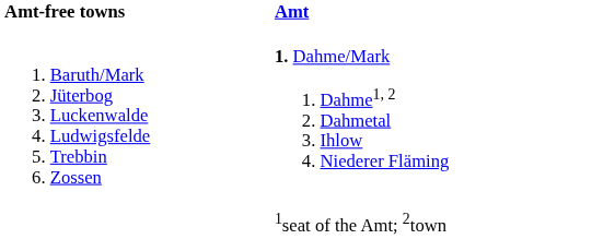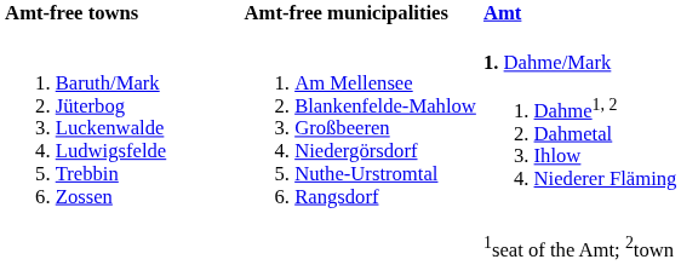 <table>
 <tr>
 <th width=33% align=left>Amt-free towns</th>
+<th width=33% align=left>Amt-free municipalities</th>
 <th width=33% align=left><a href='#'>Amt</a></th>
 </tr>
 <tr valign=top>
 <td><br><ol><li><a href='#'>Baruth/Mark</a></li><li><a href='#'>Jüterbog</a></li><li><a href='#'>Luckenwalde</a></li><li><a href='#'>Ludwigsfelde</a></li><li><a href='#'>Trebbin</a></li><li><a href='#'>Zossen</a></li></ol></td>
+<td><br><ol><li><a href='#'>Am Mellensee</a></li><li><a href='#'>Blankenfelde-Mahlow</a></li><li><a href='#'>Großbeeren</a></li><li><a href='#'>Niedergörsdorf</a></li><li><a href='#'>Nuthe-Urstromtal</a></li><li><a href='#'>Rangsdorf</a></li></ol></td>
 <td><br><strong>1.</strong> <a href='#'>Dahme/Mark</a><ol><li><a href='#'>Dahme</a><sup>1, 2</sup></li><li><a href='#'>Dahmetal</a></li><li><a href='#'>Ihlow</a></li><li><a href='#'>Niederer Fläming</a></li></ol><br><sup>1</sup>seat of the Amt; <sup>2</sup>town</td>
 </tr>
 </table>
